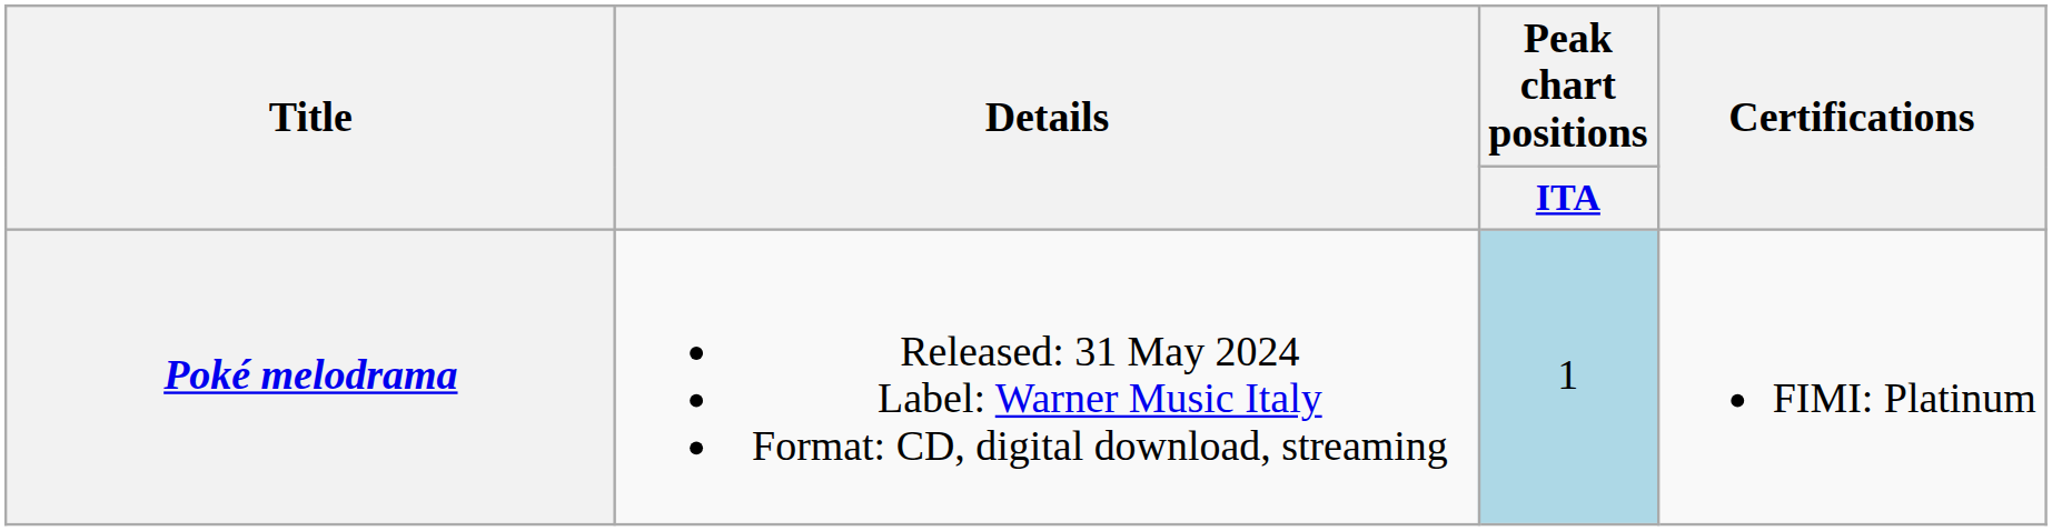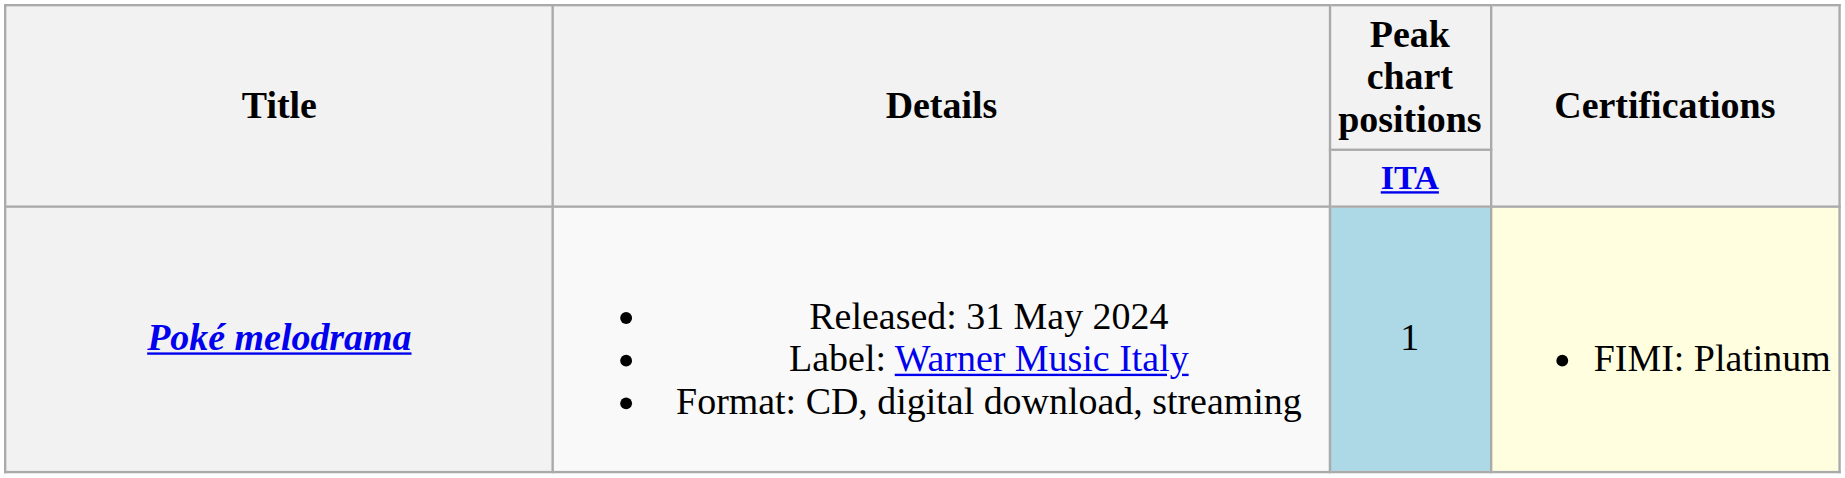 <table class="wikitable plainrowheaders" style="text-align:center;">
 <tr>
 <th scope="col" rowspan="2" style="width:14em;">Title</th>
 <th scope="col" rowspan="2" style="width:20em;">Details</th>
 <th scope="col" colspan="1">Peak chart positions</th>
 <th scope="col" rowspan="2">Certifications</th>
 </tr>
 <tr>
 <th scope="col" style="width:3em;font-size:90%;"><a href='#'>ITA</a><br></th>
 </tr>
 <tr>
 <th scope="row"><em><a href='#'>Poké melodrama</a></em></th>
 <td><br><ul><li>Released: 31 May 2024</li><li>Label: <a href='#'>Warner Music Italy</a></li><li>Format: CD, digital download, streaming</li></ul></td>
 <td style="background: lightblue;">1</td>
-<td><br><ul><li>FIMI: Platinum</li></ul></td>
+<td style="background: lightyellow;"><br><ul><li>FIMI: Platinum</li></ul></td>
 </tr>
 </table>
